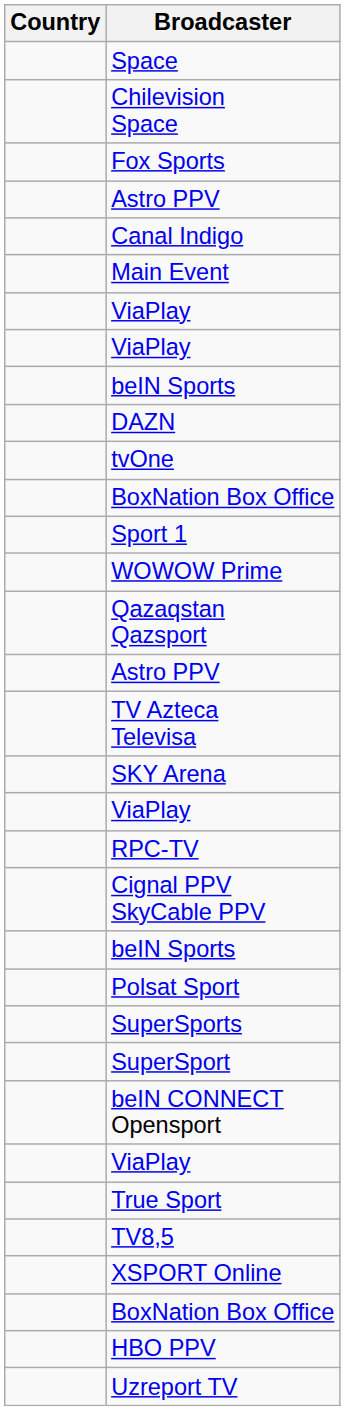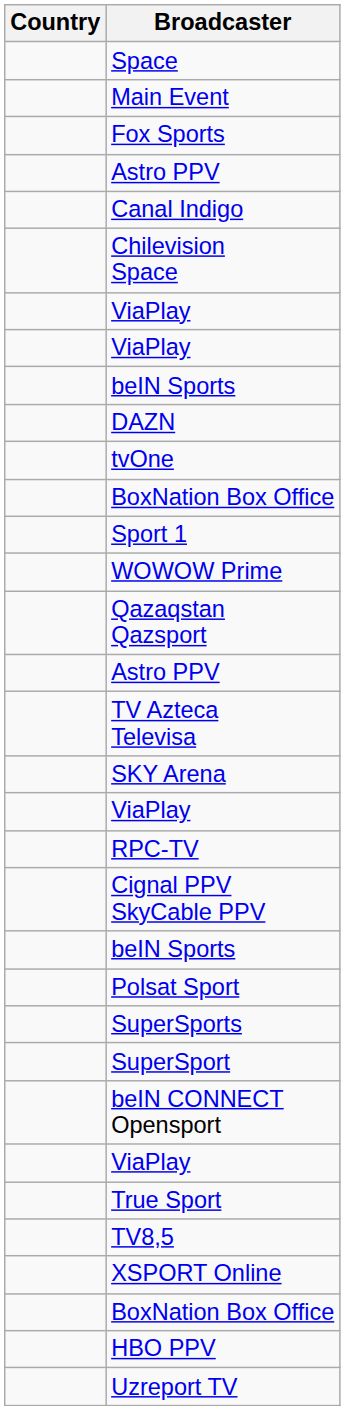 <table class="wikitable">
 <tr>
 <th align=center>Country</th>
 <th align=center>Broadcaster</th>
 </tr>
 <tr>
 <td></td>
 <td><a href='#'>Space</a></td>
 </tr>
 <tr>
 <td></td>
-<td><a href='#'>Chilevision</a> <br> <a href='#'>Space</a></td>
+<td><a href='#'>Main Event</a></td>
 </tr>
 <tr>
 <td></td>
 <td><a href='#'>Fox Sports</a></td>
 </tr>
 <tr>
 <td></td>
 <td><a href='#'>Astro PPV</a></td>
 </tr>
 <tr>
 <td></td>
 <td><a href='#'>Canal Indigo</a></td>
 </tr>
 <tr>
 <td></td>
-<td><a href='#'>Main Event</a></td>
+<td><a href='#'>Chilevision</a> <br> <a href='#'>Space</a></td>
 </tr>
 <tr>
 <td></td>
 <td><a href='#'>ViaPlay</a></td>
 </tr>
 <tr>
 <td></td>
 <td><a href='#'>ViaPlay</a></td>
 </tr>
 <tr>
 <td></td>
 <td><a href='#'>beIN Sports</a></td>
 </tr>
 <tr>
 <td></td>
 <td><a href='#'>DAZN</a></td>
 </tr>
 <tr>
 <td></td>
 <td><a href='#'>tvOne</a></td>
 </tr>
 <tr>
 <td></td>
 <td><a href='#'>BoxNation Box Office</a></td>
 </tr>
 <tr>
 <td></td>
 <td><a href='#'>Sport 1</a></td>
 </tr>
 <tr>
 <td></td>
 <td><a href='#'>WOWOW Prime</a></td>
 </tr>
 <tr>
 <td></td>
 <td><a href='#'>Qazaqstan</a> <br> <a href='#'>Qazsport</a></td>
 </tr>
 <tr>
 <td></td>
 <td><a href='#'>Astro PPV</a></td>
 </tr>
 <tr>
 <td></td>
 <td><a href='#'>TV Azteca</a> <br> <a href='#'>Televisa</a></td>
 </tr>
 <tr>
 <td></td>
 <td><a href='#'>SKY Arena</a></td>
 </tr>
 <tr>
 <td></td>
 <td><a href='#'>ViaPlay</a></td>
 </tr>
 <tr>
 <td></td>
 <td><a href='#'>RPC-TV</a></td>
 </tr>
 <tr>
 <td></td>
 <td><a href='#'>Cignal PPV</a> <br> <a href='#'>SkyCable PPV</a></td>
 </tr>
 <tr>
 <td></td>
 <td><a href='#'>beIN Sports</a></td>
 </tr>
 <tr>
 <td></td>
 <td><a href='#'>Polsat Sport</a></td>
 </tr>
 <tr>
 <td></td>
 <td><a href='#'>SuperSports</a></td>
 </tr>
 <tr>
 <td></td>
 <td><a href='#'>SuperSport</a></td>
 </tr>
 <tr>
 <td></td>
 <td><a href='#'>beIN CONNECT</a> <br> Opensport</td>
 </tr>
 <tr>
 <td></td>
 <td><a href='#'>ViaPlay</a></td>
 </tr>
 <tr>
 <td></td>
 <td><a href='#'>True Sport</a></td>
 </tr>
 <tr>
 <td></td>
 <td><a href='#'>TV8,5</a></td>
 </tr>
 <tr>
 <td></td>
 <td><a href='#'>XSPORT Online</a></td>
 </tr>
 <tr>
 <td></td>
 <td><a href='#'>BoxNation Box Office</a></td>
 </tr>
 <tr>
 <td></td>
 <td><a href='#'>HBO PPV</a></td>
 </tr>
 <tr>
 <td></td>
 <td><a href='#'>Uzreport TV</a></td>
 </tr>
 <tr>
 </tr>
 </table>
